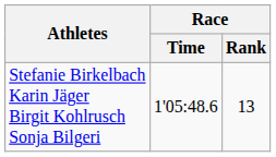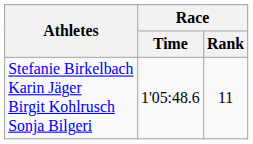 <table class="wikitable" border="1" style="font-size:90%">
 <tr>
 <th rowspan=2>Athletes</th>
 <th colspan=2>Race</th>
 </tr>
 <tr>
 <th>Time</th>
 <th>Rank</th>
 </tr>
 <tr>
 <td><a href='#'>Stefanie Birkelbach</a><br><a href='#'>Karin Jäger</a><br><a href='#'>Birgit Kohlrusch</a><br><a href='#'>Sonja Bilgeri</a></td>
 <td align=center>1'05:48.6</td>
-<td align=center>13</td>
+<td align=center>11</td>
 </tr>
 </table>
